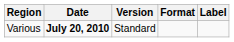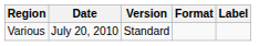 <table class="wikitable">
 <tr>
 <th>Region</th>
 <th>Date</th>
 <th>Version</th>
 <th>Format</th>
 <th>Label</th>
 </tr>
 <tr>
 <td>Various</td>
-<td><strong>July 20, 2010</strong></td>
+<td>July 20, 2010</td>
 <td rowspan="2">Standard</td>
 <td></td>
 <td rowspan="2"></td>
 </tr>
 </table>
